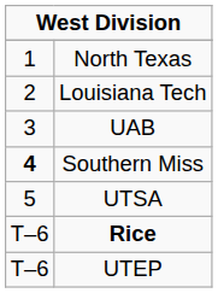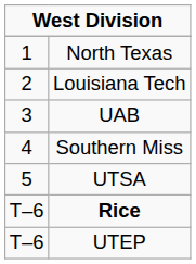 <table class="wikitable">
 <tr align="center">
 <td align="center" Colspan="2"><strong>West Division</strong></td>
 </tr>
 <tr align="center">
 </tr>
 <tr align="center">
 <td>1</td>
 <td>North Texas</td>
 </tr>
 <tr align="center">
 <td>2</td>
 <td>Louisiana Tech</td>
 </tr>
 <tr align="center">
 <td>3</td>
 <td>UAB</td>
 </tr>
 <tr align="center">
-<td><strong>4</strong></td>
+<td>4</td>
 <td>Southern Miss</td>
 </tr>
 <tr align="center">
 <td>5</td>
 <td>UTSA</td>
 </tr>
 <tr align="center">
 <td>T–6</td>
 <td><strong>Rice</strong></td>
 </tr>
 <tr align="center">
 <td>T–6</td>
 <td>UTEP</td>
 </tr>
 </table>
